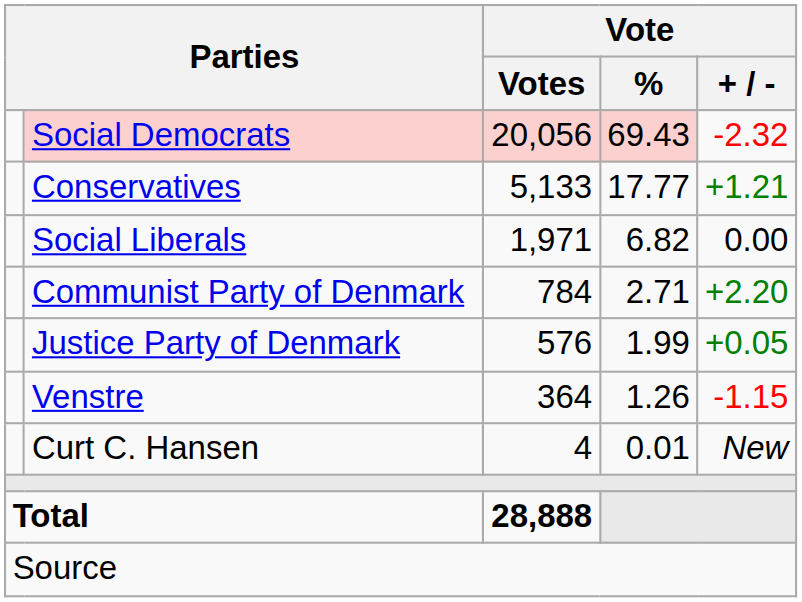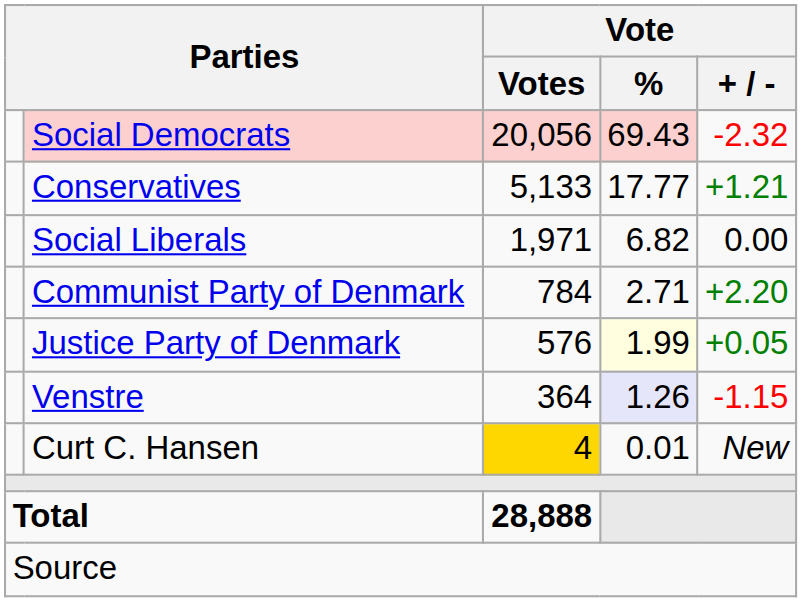 <table class="wikitable" style="text-align:right;">
 <tr>
 <th style="text-align:centre;" rowspan="2" colspan="2" width="225">Parties</th>
 <th colspan="3">Vote</th>
 </tr>
 <tr>
 <th width="15">Votes</th>
 <th width="15">%</th>
 <th width="15">+ / -</th>
 </tr>
 <tr>
 <td width="2" style="color:inherit;background:"></td>
 <td bgcolor=#fbd0ce  align="left"><a href='#'>Social Democrats</a></td>
 <td bgcolor=#fbd0ce>20,056</td>
 <td bgcolor=#fbd0ce>69.43</td>
 <td style=color:red;>-2.32</td>
 </tr>
 <tr>
 <td width="2" style="color:inherit;background:"></td>
 <td align="left"><a href='#'>Conservatives</a></td>
 <td>5,133</td>
 <td>17.77</td>
 <td style=color:green;>+1.21</td>
 </tr>
 <tr>
 <td width="2" style="color:inherit;background:"></td>
 <td align="left"><a href='#'>Social Liberals</a></td>
 <td>1,971</td>
 <td>6.82</td>
 <td>0.00</td>
 </tr>
 <tr>
 <td width="2" style="color:inherit;background:"></td>
 <td align="left"><a href='#'>Communist Party of Denmark</a></td>
 <td>784</td>
 <td>2.71</td>
 <td style=color:green;>+2.20</td>
 </tr>
 <tr>
 <td width="2" style="color:inherit;background:"></td>
 <td align="left"><a href='#'>Justice Party of Denmark</a></td>
 <td>576</td>
-<td>1.99</td>
+<td style="background: lightyellow;">1.99</td>
 <td style=color:green;>+0.05</td>
 </tr>
 <tr>
 <td width="2" style="color:inherit;background:"></td>
 <td align="left"><a href='#'>Venstre</a></td>
 <td>364</td>
-<td>1.26</td>
+<td style="background: lavender;">1.26</td>
 <td style=color:red;>-1.15</td>
 </tr>
 <tr>
 <td width="2" style="color:inherit;background:"></td>
 <td align="left">Curt C. Hansen</td>
-<td>4</td>
+<td style="background: gold;">4</td>
 <td>0.01</td>
 <td><em>New</em></td>
 </tr>
 <tr>
 <td colspan="7" bgcolor="#E9E9E9"></td>
 </tr>
 <tr>
 <td align="left" colspan="2"><strong>Total</strong></td>
 <td><strong>28,888</strong></td>
 <td bgcolor="#E9E9E9" colspan="2"></td>
 </tr>
 <tr>
 <td align="left" colspan="6">Source</td>
 </tr>
 </table>
